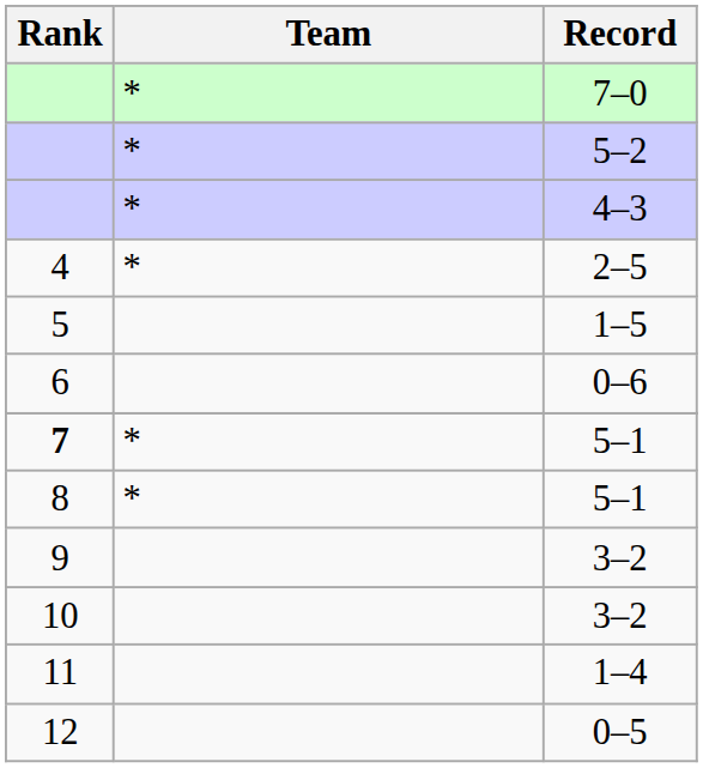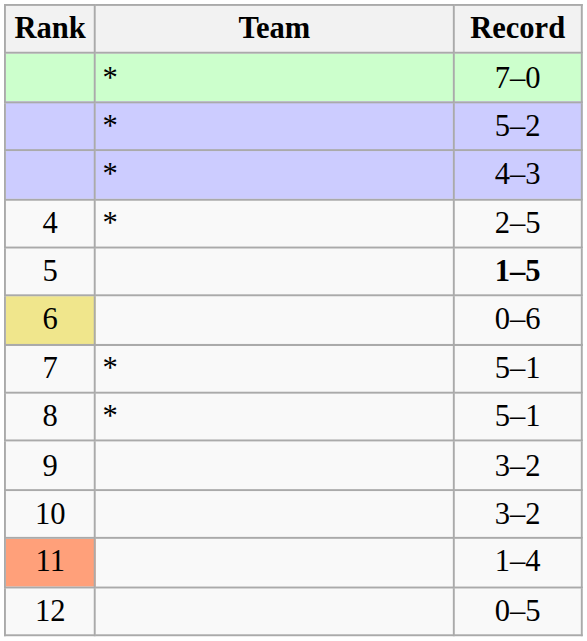 <table class="wikitable" style="text-align: center;">
 <tr>
 <th width=40>Rank</th>
 <th width=180>Team</th>
 <th width=60>Record</th>
 </tr>
 <tr bgcolor=ccffcc>
 <td></td>
 <td align=left>*</td>
 <td>7–0</td>
 </tr>
 <tr bgcolor=ccccff>
 <td></td>
 <td align=left>*</td>
 <td>5–2</td>
 </tr>
 <tr bgcolor=ccccff>
 <td></td>
 <td align=left>*</td>
 <td>4–3</td>
 </tr>
 <tr>
 <td>4</td>
 <td align=left>*</td>
 <td>2–5</td>
 </tr>
 <tr>
 <td>5</td>
 <td align=left></td>
-<td>1–5</td>
+<td><strong>1–5</strong></td>
 </tr>
 <tr>
-<td>6</td>
+<td style="background: khaki;">6</td>
 <td align=left></td>
 <td>0–6</td>
 </tr>
 <tr>
 </tr>
 <tr>
-<td><strong>7</strong></td>
+<td>7</td>
 <td align=left>*</td>
 <td>5–1</td>
 </tr>
 <tr>
 <td>8</td>
 <td align=left>*</td>
 <td>5–1</td>
 </tr>
 <tr>
 <td>9</td>
 <td align=left></td>
 <td>3–2</td>
 </tr>
 <tr>
 <td>10</td>
 <td align=left></td>
 <td>3–2</td>
 </tr>
 <tr>
-<td>11</td>
+<td style="background: lightsalmon;">11</td>
 <td align=left></td>
 <td>1–4</td>
 </tr>
 <tr>
 <td>12</td>
 <td align=left></td>
 <td>0–5</td>
 </tr>
 </table>
